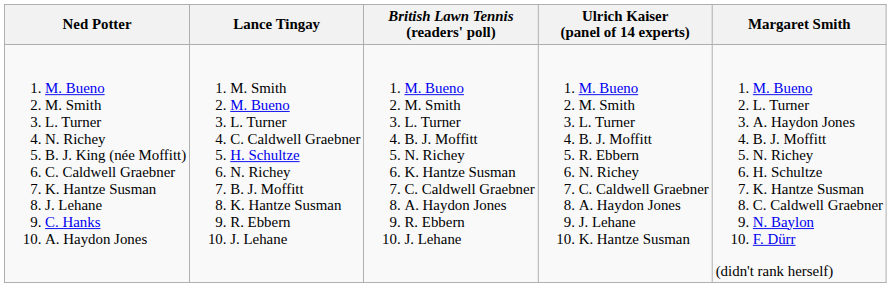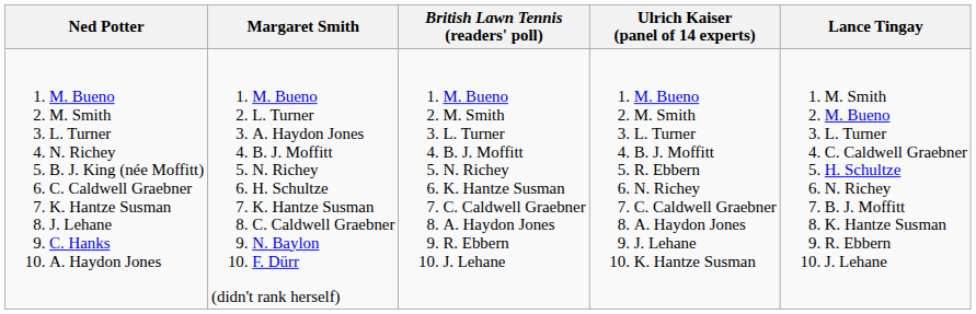 <table class="wikitable">
 <tr>
 <th>Ned Potter</th>
-<th>Lance Tingay<strong></strong></th>
+<th>Margaret Smith<em></em></th>
 <th><em>British Lawn Tennis</em><br>(readers' poll)</th>
 <th>Ulrich Kaiser<em></em><br>(panel of 14 experts)</th>
-<th>Margaret Smith<em></em></th>
+<th>Lance Tingay<strong></strong></th>
 </tr>
 <tr style="vertical-align: top;">
 <td style="white-space: nowrap;"><br><ol><li> <a href='#'>M. Bueno</a></li><li> M. Smith</li><li> L. Turner</li><li> N. Richey</li><li> B. J. King (née Moffitt)</li><li> C. Caldwell Graebner</li><li> K. Hantze Susman</li><li> J. Lehane</li><li> <a href='#'>C. Hanks</a></li><li> A. Haydon Jones</li></ol></td>
-<td style="white-space: nowrap;"><br><ol><li> M. Smith</li><li> <a href='#'>M. Bueno</a></li><li> L. Turner</li><li> C. Caldwell Graebner</li><li> <a href='#'>H. Schultze</a></li><li> N. Richey</li><li> B. J. Moffitt</li><li> K. Hantze Susman</li><li> R. Ebbern</li><li> J. Lehane</li></ol></td>
+<td style="white-space: nowrap;"><br><ol><li> <a href='#'>M. Bueno</a></li><li> L. Turner</li><li> A. Haydon Jones</li><li> B. J. Moffitt</li><li> N. Richey</li><li> H. Schultze</li><li> K. Hantze Susman</li><li> C. Caldwell Graebner</li><li> <a href='#'>N. Baylon</a></li><li> <a href='#'>F. Dürr</a></li></ol>(didn't rank herself)</td>
 <td style="white-space: nowrap;"><br><ol><li> <a href='#'>M. Bueno</a></li><li> M. Smith</li><li> L. Turner</li><li> B. J. Moffitt</li><li> N. Richey</li><li> K. Hantze Susman</li><li> C. Caldwell Graebner</li><li> A. Haydon Jones</li><li> R. Ebbern</li><li> J. Lehane</li></ol></td>
 <td style="white-space: nowrap;"><br><ol><li> <a href='#'>M. Bueno</a></li><li> M. Smith</li><li> L. Turner</li><li> B. J. Moffitt</li><li> R. Ebbern</li><li> N. Richey</li><li> C. Caldwell Graebner</li><li> A. Haydon Jones</li><li> J. Lehane</li><li> K. Hantze Susman</li></ol></td>
-<td style="white-space: nowrap;"><br><ol><li> <a href='#'>M. Bueno</a></li><li> L. Turner</li><li> A. Haydon Jones</li><li> B. J. Moffitt</li><li> N. Richey</li><li> H. Schultze</li><li> K. Hantze Susman</li><li> C. Caldwell Graebner</li><li> <a href='#'>N. Baylon</a></li><li> <a href='#'>F. Dürr</a></li></ol>(didn't rank herself)</td>
+<td style="white-space: nowrap;"><br><ol><li> M. Smith</li><li> <a href='#'>M. Bueno</a></li><li> L. Turner</li><li> C. Caldwell Graebner</li><li> <a href='#'>H. Schultze</a></li><li> N. Richey</li><li> B. J. Moffitt</li><li> K. Hantze Susman</li><li> R. Ebbern</li><li> J. Lehane</li></ol></td>
 </tr>
 </table>
